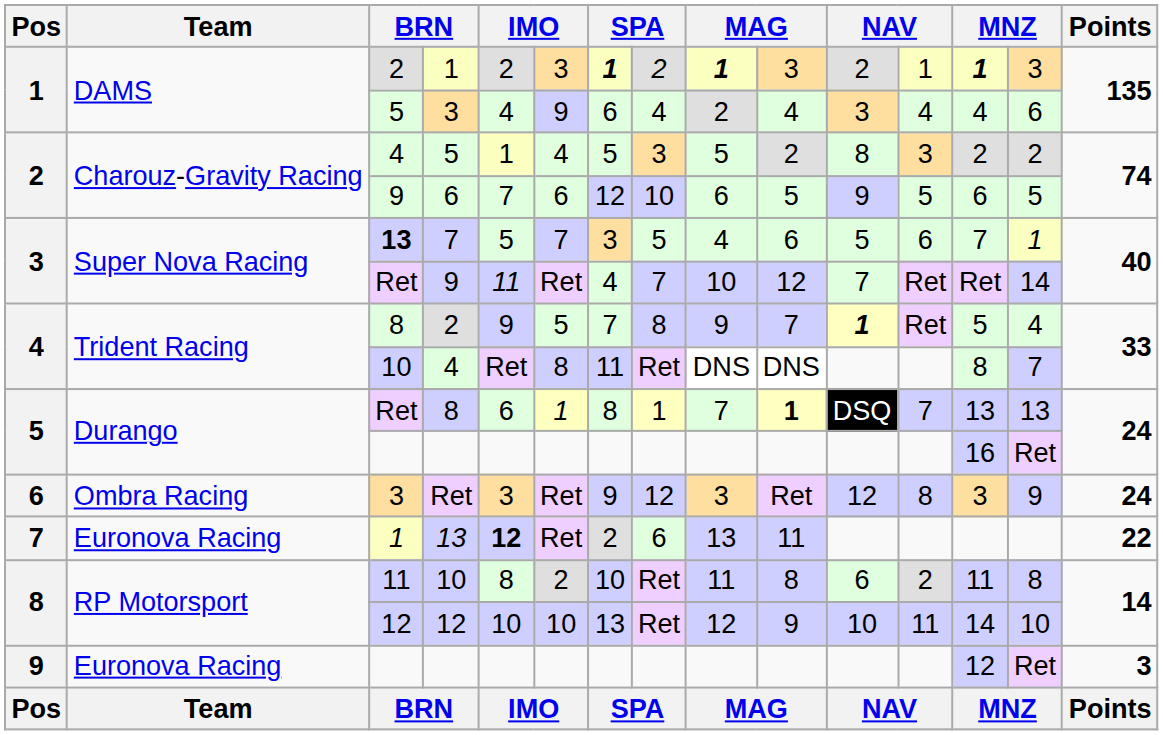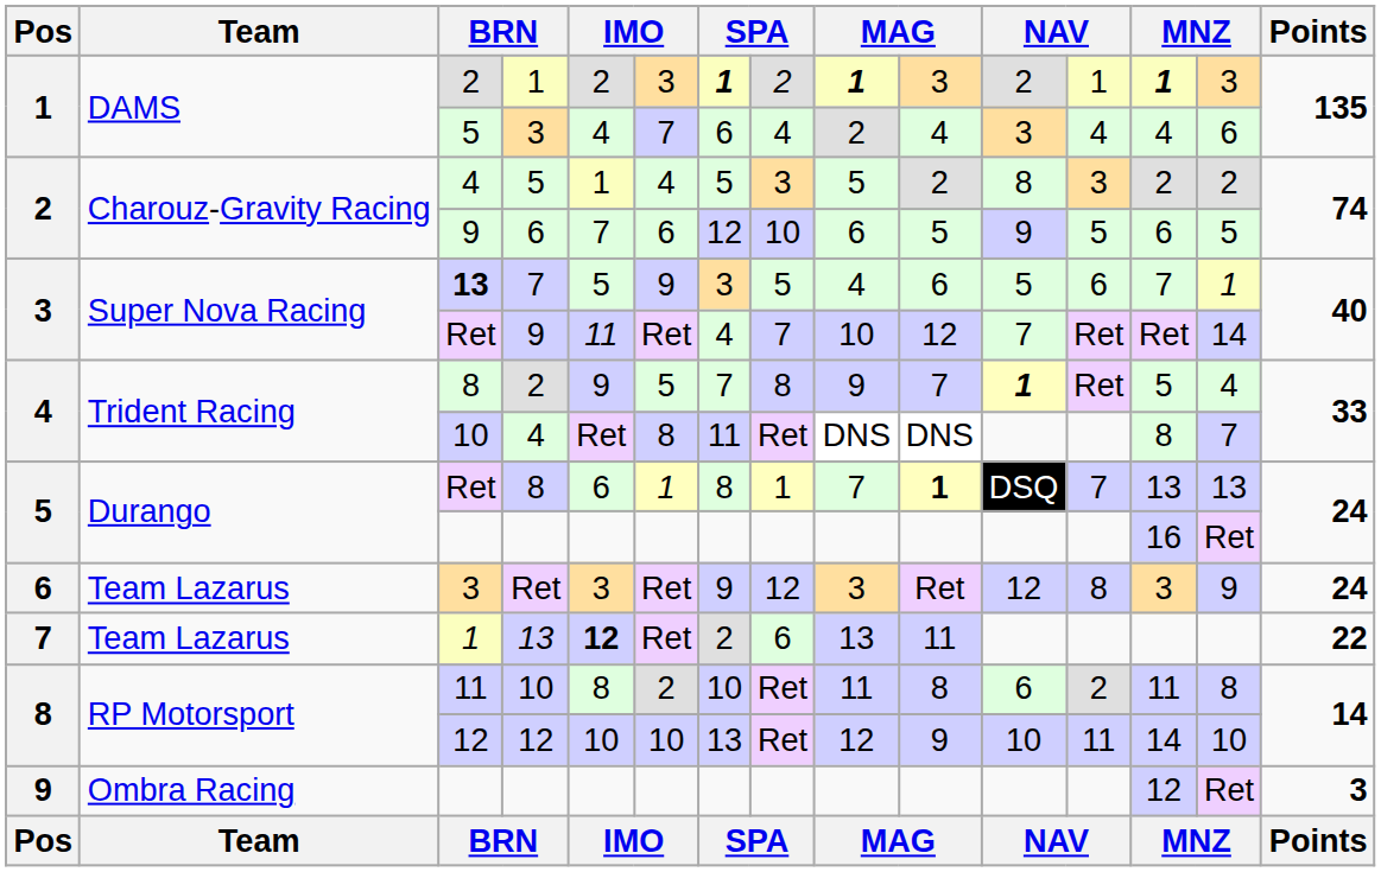 <table class="wikitable" style="font-size: 85%; text-align: center;">
 <tr valign="top">
 <th valign=middle>Pos</th>
 <th valign=middle>Team</th>
 <th colspan=2><a href='#'>BRN</a><br></th>
 <th colspan=2><a href='#'>IMO</a><br></th>
 <th colspan=2><a href='#'>SPA</a><br></th>
 <th colspan=2><a href='#'>MAG</a><br></th>
 <th colspan=2><a href='#'>NAV</a><br></th>
 <th colspan=2><a href='#'>MNZ</a><br></th>
 <th valign=middle>Points</th>
 </tr>
 <tr>
 <th rowspan="2">1</th>
 <td rowspan="2" align="left"> <a href='#'>DAMS</a></td>
 <td style="background:#DFDFDF;">2</td>
 <td style="background:#FBFFBF;">1</td>
 <td style="background:#DFDFDF;">2</td>
 <td style="background:#FFDF9F;">3</td>
 <td style="background:#FBFFBF;"><strong><em>1</em></strong></td>
 <td style="background:#DFDFDF;"><em>2</em></td>
 <td style="background:#FBFFBF;"><strong><em>1</em></strong></td>
 <td style="background:#FFDF9F;">3</td>
 <td style="background:#DFDFDF;">2</td>
 <td style="background:#FBFFBF;">1</td>
 <td style="background:#FBFFBF;"><strong><em>1</em></strong></td>
 <td style="background:#FFDF9F;">3</td>
 <td align="right" rowspan="2"><strong>135</strong></td>
 </tr>
 <tr>
 <td style="background:#DFFFDF;">5</td>
 <td style="background:#FFDF9F;">3</td>
 <td style="background:#DFFFDF;">4</td>
-<td style="background:#CFCFFF;">9</td>
+<td style="background:#CFCFFF;">7</td>
 <td style="background:#DFFFDF;">6</td>
 <td style="background:#DFFFDF;">4</td>
 <td style="background:#DFDFDF;">2</td>
 <td style="background:#DFFFDF;">4</td>
 <td style="background:#FFDF9F;">3</td>
 <td style="background:#DFFFDF;">4</td>
 <td style="background:#DFFFDF;">4</td>
 <td style="background:#DFFFDF;">6</td>
 </tr>
 <tr>
 <th rowspan="2">2</th>
 <td rowspan="2" align="left" nowrap> <a href='#'>Charouz</a>-<a href='#'>Gravity Racing</a></td>
 <td style="background:#DFFFDF;">4</td>
 <td style="background:#DFFFDF;">5</td>
 <td style="background:#FBFFBF;">1</td>
 <td style="background:#DFFFDF;">4</td>
 <td style="background:#DFFFDF;">5</td>
 <td style="background:#FFDF9F;">3</td>
 <td style="background:#DFFFDF;">5</td>
 <td style="background:#DFDFDF;">2</td>
 <td style="background:#DFFFDF;">8</td>
 <td style="background:#FFDF9F;">3</td>
 <td style="background:#DFDFDF;">2</td>
 <td style="background:#DFDFDF;">2</td>
 <td align="right" rowspan="2"><strong>74</strong></td>
 </tr>
 <tr>
 <td style="background:#DFFFDF;">9</td>
 <td style="background:#DFFFDF;">6</td>
 <td style="background:#DFFFDF;">7</td>
 <td style="background:#DFFFDF;">6</td>
 <td style="background:#CFCFFF;">12</td>
 <td style="background:#CFCFFF;">10</td>
 <td style="background:#DFFFDF;">6</td>
 <td style="background:#DFFFDF;">5</td>
 <td style="background:#CFCFFF;">9</td>
 <td style="background:#DFFFDF;">5</td>
 <td style="background:#DFFFDF;">6</td>
 <td style="background:#DFFFDF;">5</td>
 </tr>
 <tr>
 <th rowspan="2">3</th>
 <td rowspan="2" align="left"> <a href='#'>Super Nova Racing</a></td>
 <td style="background:#CFCFFF;"><strong>13</strong></td>
 <td style="background:#CFCFFF;">7</td>
 <td style="background:#DFFFDF;">5</td>
-<td style="background:#CFCFFF;">7</td>
+<td style="background:#CFCFFF;">9</td>
 <td style="background:#FFDF9F;">3</td>
 <td style="background:#DFFFDF;">5</td>
 <td style="background:#DFFFDF;">4</td>
 <td style="background:#DFFFDF;">6</td>
 <td style="background:#DFFFDF;">5</td>
 <td style="background:#DFFFDF;">6</td>
 <td style="background:#DFFFDF;">7</td>
 <td style="background:#FBFFBF;"><em>1</em></td>
 <td align="right" rowspan="2"><strong>40</strong></td>
 </tr>
 <tr>
 <td style="background:#EFCFFF;">Ret</td>
 <td style="background:#CFCFFF;">9</td>
 <td style="background:#CFCFFF;"><em>11</em></td>
 <td style="background:#EFCFFF;">Ret</td>
 <td style="background:#DFFFDF;">4</td>
 <td style="background:#CFCFFF;">7</td>
 <td style="background:#CFCFFF;">10</td>
 <td style="background:#CFCFFF;">12</td>
 <td style="background:#DFFFDF;">7</td>
 <td style="background:#EFCFFF;">Ret</td>
 <td style="background:#EFCFFF;">Ret</td>
 <td style="background:#CFCFFF;">14</td>
 </tr>
 <tr>
 <th rowspan="2">4</th>
 <td rowspan="2" align="left"> <a href='#'>Trident Racing</a></td>
 <td style="background:#DFFFDF;">8</td>
 <td style="background:#DFDFDF;">2</td>
 <td style="background:#CFCFFF;">9</td>
 <td style="background:#DFFFDF;">5</td>
 <td style="background:#DFFFDF;">7</td>
 <td style="background:#CFCFFF;">8</td>
 <td style="background:#CFCFFF;">9</td>
 <td style="background:#CFCFFF;">7</td>
 <td style="background:#FFFFBF;"><strong><em>1</em></strong></td>
 <td style="background:#EFCFFF;">Ret</td>
 <td style="background:#DFFFDF;">5</td>
 <td style="background:#DFFFDF;">4</td>
 <td align="right" rowspan="2"><strong>33</strong></td>
 </tr>
 <tr>
 <td style="background:#CFCFFF;">10</td>
 <td style="background:#DFFFDF;">4</td>
 <td style="background:#EFCFFF;">Ret</td>
 <td style="background:#CFCFFF;">8</td>
 <td style="background:#CFCFFF;">11</td>
 <td style="background:#EFCFFF;">Ret</td>
 <td style="background:#FFFFFF;">DNS</td>
 <td style="background:#FFFFFF;">DNS</td>
 <td></td>
 <td></td>
 <td style="background:#DFFFDF;">8</td>
 <td style="background:#CFCFFF;">7</td>
 </tr>
 <tr>
 <th rowspan=2>5</th>
 <td align="left" rowspan=2> <a href='#'>Durango</a></td>
 <td style="background:#EFCFFF;">Ret</td>
 <td style="background:#CFCFFF;">8</td>
 <td style="background:#DFFFDF;">6</td>
 <td style="background:#FFFFBF;"><em>1</em></td>
 <td style="background:#DFFFDF;">8</td>
 <td style="background:#FFFFBF;">1</td>
 <td style="background:#DFFFDF;">7</td>
 <td style="background:#FFFFBF;"><strong>1</strong></td>
 <td style="background:black; color:white;">DSQ</td>
 <td style="background:#CFCFFF;">7</td>
 <td style="background:#CFCFFF;">13</td>
 <td style="background:#CFCFFF;">13</td>
 <td align="right" rowspan=2><strong>24</strong></td>
 </tr>
 <tr>
 <td></td>
 <td></td>
 <td></td>
 <td></td>
 <td></td>
 <td></td>
 <td></td>
 <td></td>
 <td></td>
 <td></td>
 <td style="background:#CFCFFF;">16</td>
 <td style="background:#EFCFFF;">Ret</td>
 </tr>
 <tr>
 <th>6</th>
-<td align="left"> <a href='#'>Ombra Racing</a></td>
+<td align="left"> <a href='#'>Team Lazarus</a></td>
 <td style="background:#FFDF9F;">3</td>
 <td style="background:#EFCFFF;">Ret</td>
 <td style="background:#FFDF9F;">3</td>
 <td style="background:#EFCFFF;">Ret</td>
 <td style="background:#CFCFFF;">9</td>
 <td style="background:#CFCFFF;">12</td>
 <td style="background:#FFDF9F;">3</td>
 <td style="background:#EFCFFF;">Ret</td>
 <td style="background:#CFCFFF;">12</td>
 <td style="background:#CFCFFF;">8</td>
 <td style="background:#FFDF9F;">3</td>
 <td style="background:#CFCFFF;">9</td>
 <td align="right"><strong>24</strong></td>
 </tr>
 <tr>
 <th>7</th>
-<td align="left"> <a href='#'>Euronova Racing</a></td>
+<td align="left"> <a href='#'>Team Lazarus</a></td>
 <td style="background:#FBFFBF;"><em>1</em></td>
 <td style="background:#CFCFFF;"><em>13</em></td>
 <td style="background:#CFCFFF;"><strong>12</strong></td>
 <td style="background:#EFCFFF;">Ret</td>
 <td style="background:#DFDFDF;">2</td>
 <td style="background:#DFFFDF;">6</td>
 <td style="background:#CFCFFF;">13</td>
 <td style="background:#CFCFFF;">11</td>
 <td></td>
 <td></td>
 <td></td>
 <td></td>
 <td align="right"><strong>22</strong></td>
 </tr>
 <tr>
 <th rowspan="2">8</th>
 <td rowspan="2" align="left"> <a href='#'>RP Motorsport</a></td>
 <td style="background:#CFCFFF;">11</td>
 <td style="background:#CFCFFF;">10</td>
 <td style="background:#DFFFDF;">8</td>
 <td style="background:#DFDFDF;">2</td>
 <td style="background:#CFCFFF;">10</td>
 <td style="background:#EFCFFF;">Ret</td>
 <td style="background:#CFCFFF;">11</td>
 <td style="background:#CFCFFF;">8</td>
 <td style="background:#DFFFDF;">6</td>
 <td style="background:#DFDFDF;">2</td>
 <td style="background:#CFCFFF;">11</td>
 <td style="background:#CFCFFF;">8</td>
 <td align="right" rowspan="2"><strong>14</strong></td>
 </tr>
 <tr>
 <td style="background:#CFCFFF;">12</td>
 <td style="background:#CFCFFF;">12</td>
 <td style="background:#CFCFFF;">10</td>
 <td style="background:#CFCFFF;">10</td>
 <td style="background:#CFCFFF;">13</td>
 <td style="background:#EFCFFF;">Ret</td>
 <td style="background:#CFCFFF;">12</td>
 <td style="background:#CFCFFF;">9</td>
 <td style="background:#CFCFFF;">10</td>
 <td style="background:#CFCFFF;">11</td>
 <td style="background:#CFCFFF;">14</td>
 <td style="background:#CFCFFF;">10</td>
 </tr>
 <tr>
 <th>9</th>
-<td align="left"> <a href='#'>Euronova Racing</a></td>
+<td align="left"> <a href='#'>Ombra Racing</a></td>
 <td></td>
 <td></td>
 <td></td>
 <td></td>
 <td></td>
 <td></td>
 <td></td>
 <td></td>
 <td></td>
 <td></td>
 <td style="background:#CFCFFF;">12</td>
 <td style="background:#EFCFFF;">Ret</td>
 <td align="right"><strong>3</strong></td>
 </tr>
 <tr valign="top">
 <th valign=middle>Pos</th>
 <th valign=middle>Team</th>
 <th colspan=2><a href='#'>BRN</a><br></th>
 <th colspan=2><a href='#'>IMO</a><br></th>
 <th colspan=2><a href='#'>SPA</a><br></th>
 <th colspan=2><a href='#'>MAG</a><br></th>
 <th colspan=2><a href='#'>NAV</a><br></th>
 <th colspan=2><a href='#'>MNZ</a><br></th>
 <th valign=middle>Points</th>
 </tr>
 </table>
